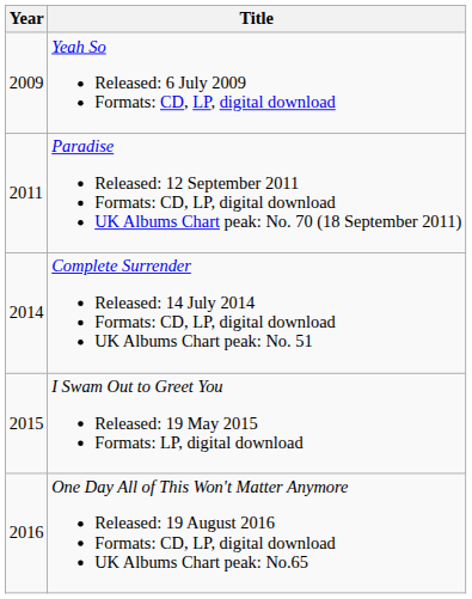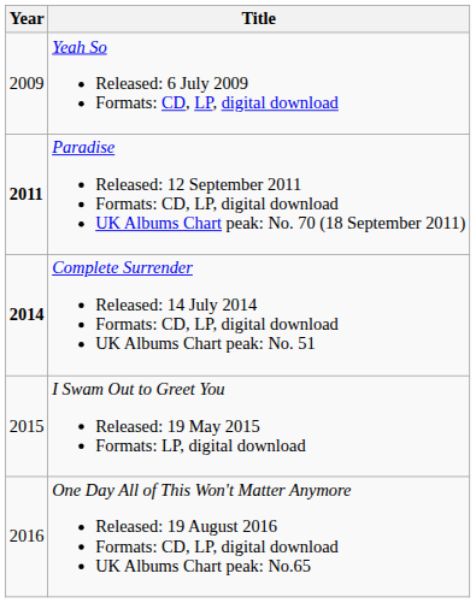 <table class="wikitable">
 <tr>
 <th rowspan="1">Year</th>
 <th rowspan="1">Title</th>
 </tr>
 <tr>
 <td>2009</td>
 <td><em><a href='#'>Yeah So</a></em><br><ul><li>Released: 6 July 2009</li><li>Formats: <a href='#'>CD</a>, <a href='#'>LP</a>, <a href='#'>digital download</a></li></ul></td>
 </tr>
 <tr>
-<td>2011</td>
+<td><strong>2011</strong></td>
 <td><em><a href='#'>Paradise</a></em><br><ul><li>Released: 12 September 2011</li><li>Formats: CD, LP, digital download</li><li><a href='#'>UK Albums Chart</a> peak: No. 70 (18 September 2011)</li></ul></td>
 </tr>
 <tr>
-<td>2014</td>
+<td><strong>2014</strong></td>
 <td><em><a href='#'>Complete Surrender</a></em><br><ul><li>Released: 14 July 2014</li><li>Formats: CD, LP, digital download</li><li>UK Albums Chart peak: No. 51</li></ul></td>
 </tr>
 <tr>
 <td>2015</td>
 <td><em>I Swam Out to Greet You</em><br><ul><li>Released: 19 May 2015</li><li>Formats: LP, digital download</li></ul></td>
 </tr>
 <tr>
 <td>2016</td>
 <td><em>One Day All of This Won't Matter Anymore</em><br><ul><li>Released: 19 August 2016</li><li>Formats: CD, LP, digital download</li><li>UK Albums Chart peak: No.65</li></ul></td>
 </tr>
 </table>
